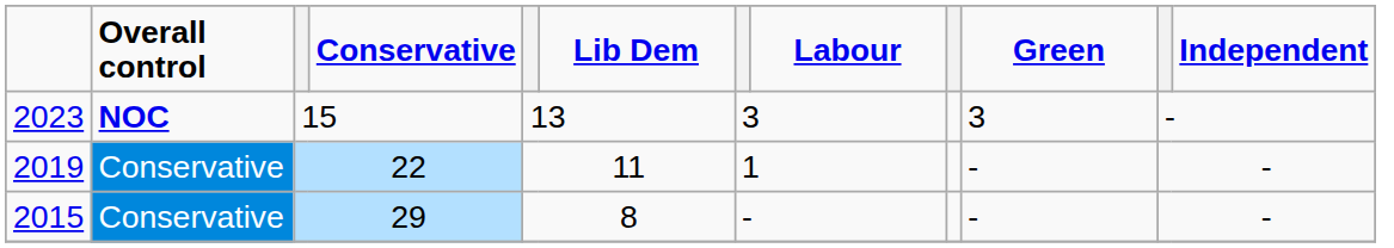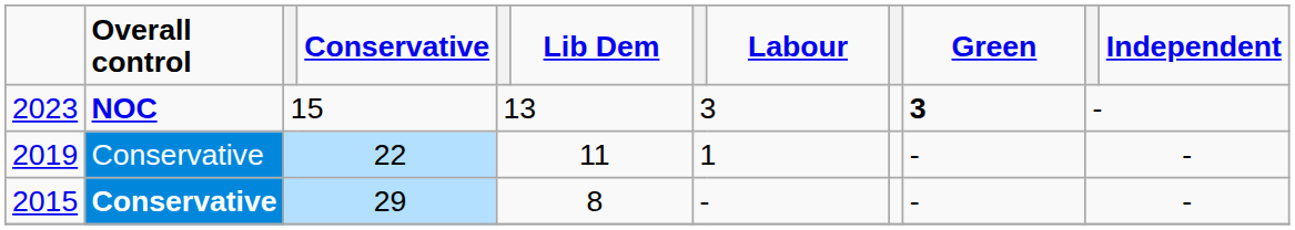 <table class="wikitable" style="text-align:left; padding-left:1em; font-size: 95%">
 <tr>
 <td width=32></td>
 <td width=90><strong>Overall control</strong></td>
 <th style="background-color: "></th>
 <td width=87 align="center"><strong><a href='#'>Conservative</a></strong></td>
 <th style="background-color: "></th>
 <td width="87" align="center"><strong><a href='#'>Lib Dem</a></strong></td>
 <th style="background-color: "></th>
 <td width=87 align="center"><strong><a href='#'>Labour</a></strong></td>
 <th style="background-color: "></th>
 <td width=87 align="center"><strong><a href='#'>Green</a></strong></td>
 <th style="background-color: "></th>
 <td width=87 align="center"><strong><a href='#'>Independent</a></strong></td>
 </tr>
 <tr>
 <td><a href='#'>2023</a></td>
 <td><strong><a href='#'>NOC</a></strong></td>
 <td colspan="2">15</td>
 <td colspan="2">13</td>
 <td colspan="2">3</td>
 <td></td>
-<td>3</td>
+<td><strong>3</strong></td>
 <td colspan="2">-</td>
 </tr>
 <tr>
 <td><a href='#'>2019</a></td>
 <td style="background:#0087DC; color:white">Conservative</td>
 <td colspan="2" align="center" style="background:#B3E0FF">22</td>
 <td colspan="2" align="center">11</td>
 <td colspan="2">1</td>
 <td></td>
 <td>-</td>
 <td colspan="2" align="center">-</td>
 </tr>
 <tr>
 <td><a href='#'>2015</a></td>
-<td style="background:#0087DC; color:white">Conservative</td>
+<td style="background:#0087DC; color:white"><strong>Conservative</strong></td>
 <td colspan="2" align="center" style="background:#B3E0FF">29</td>
 <td colspan="2" align="center">8</td>
 <td colspan="2">-</td>
 <td></td>
 <td>-</td>
 <td colspan="2" align="center">-</td>
 </tr>
 <tr>
 </tr>
 </table>
